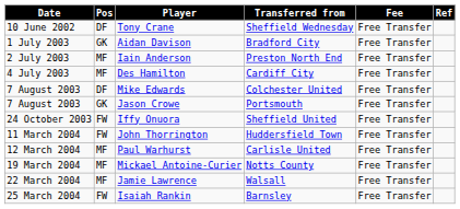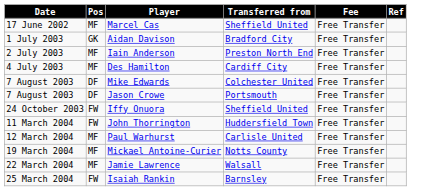 <table class="wikitable plainrowheaders sortable">
 <tr>
 <th style="background:#000000; color:#FFFFFF; ">Date</th>
 <th style="background:#000000; color:#FFFFff; ">Pos</th>
 <th style="background:#000000; color:#FFFFff; ">Player</th>
 <th style="background:#000000; color:#FFFFff; ">Transferred from</th>
 <th style="background:#000000; color:#FFFFff; ">Fee</th>
 <th style="background:#000000; color:#FFFFff; ">Ref</th>
 </tr>
 <tr>
-<td>10 June 2002</td>
-<td>DF</td>
-<td> <a href='#'>Tony Crane</a></td>
-<td> <a href='#'>Sheffield Wednesday</a></td>
+<td>17 June 2002</td>
+<td>MF</td>
+<td> <a href='#'>Marcel Cas</a></td>
+<td> <a href='#'>Sheffield United</a></td>
 <td>Free Transfer</td>
 <td></td>
 </tr>
 <tr>
 <td>1 July 2003</td>
 <td>GK</td>
 <td> <a href='#'>Aidan Davison</a></td>
 <td> <a href='#'>Bradford City</a></td>
 <td>Free Transfer</td>
 <td></td>
 </tr>
 <tr>
 <td>2 July 2003</td>
 <td>MF</td>
 <td> <a href='#'>Iain Anderson</a></td>
 <td> <a href='#'>Preston North End</a></td>
 <td>Free Transfer</td>
 <td></td>
 </tr>
 <tr>
 <td>4 July 2003</td>
 <td>MF</td>
 <td> <a href='#'>Des Hamilton</a></td>
 <td> <a href='#'>Cardiff City</a></td>
 <td>Free Transfer</td>
 <td></td>
 </tr>
 <tr>
 <td>7 August 2003</td>
 <td>DF</td>
 <td> <a href='#'>Mike Edwards</a></td>
 <td> <a href='#'>Colchester United</a></td>
 <td>Free Transfer</td>
 <td></td>
 </tr>
 <tr>
 <td>7 August 2003</td>
-<td>GK</td>
+<td>DF</td>
 <td> <a href='#'>Jason Crowe</a></td>
 <td> <a href='#'>Portsmouth</a></td>
 <td>Free Transfer</td>
 <td></td>
 </tr>
 <tr>
 <td>24 October 2003</td>
 <td>FW</td>
 <td> <a href='#'>Iffy Onuora</a></td>
 <td> <a href='#'>Sheffield United</a></td>
 <td>Free Transfer</td>
 <td></td>
 </tr>
 <tr>
 <td>11 March 2004</td>
 <td>FW</td>
 <td> <a href='#'>John Thorrington</a></td>
 <td> <a href='#'>Huddersfield Town</a></td>
 <td>Free Transfer</td>
 <td></td>
 </tr>
 <tr>
 <td>12 March 2004</td>
 <td>MF</td>
 <td> <a href='#'>Paul Warhurst</a></td>
 <td> <a href='#'>Carlisle United</a></td>
 <td>Free Transfer</td>
 <td></td>
 </tr>
 <tr>
 <td>19 March 2004</td>
 <td>MF</td>
 <td> <a href='#'>Mickael Antoine-Curier</a></td>
 <td> <a href='#'>Notts County</a></td>
 <td>Free Transfer</td>
 <td></td>
 </tr>
 <tr>
 <td>22 March 2004</td>
 <td>MF</td>
 <td> <a href='#'>Jamie Lawrence</a></td>
 <td> <a href='#'>Walsall</a></td>
 <td>Free Transfer</td>
 <td></td>
 </tr>
 <tr>
 <td>25 March 2004</td>
 <td>FW</td>
 <td> <a href='#'>Isaiah Rankin</a></td>
 <td> <a href='#'>Barnsley</a></td>
 <td>Free Transfer</td>
 <td></td>
 </tr>
 </table>
